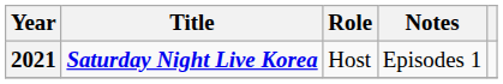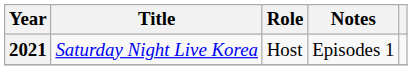 <table class="wikitable plainrowheaders sortable nowrap">
 <tr>
 <th scope="col">Year</th>
 <th scope="col">Title</th>
 <th scope="col">Role</th>
 <th scope="col" class="unsortable">Notes</th>
 <th scope="col" class="unsortable"></th>
 </tr>
 <tr>
 <th scope="row">2021</th>
-<td><strong><em><a href='#'>Saturday Night Live Korea</a></em></strong></td>
+<td><em><a href='#'>Saturday Night Live Korea</a></em></td>
 <td>Host</td>
 <td>Episodes 1</td>
 <td style="text-align:center;"></td>
 </tr>
 <tr>
 </tr>
 </table>
